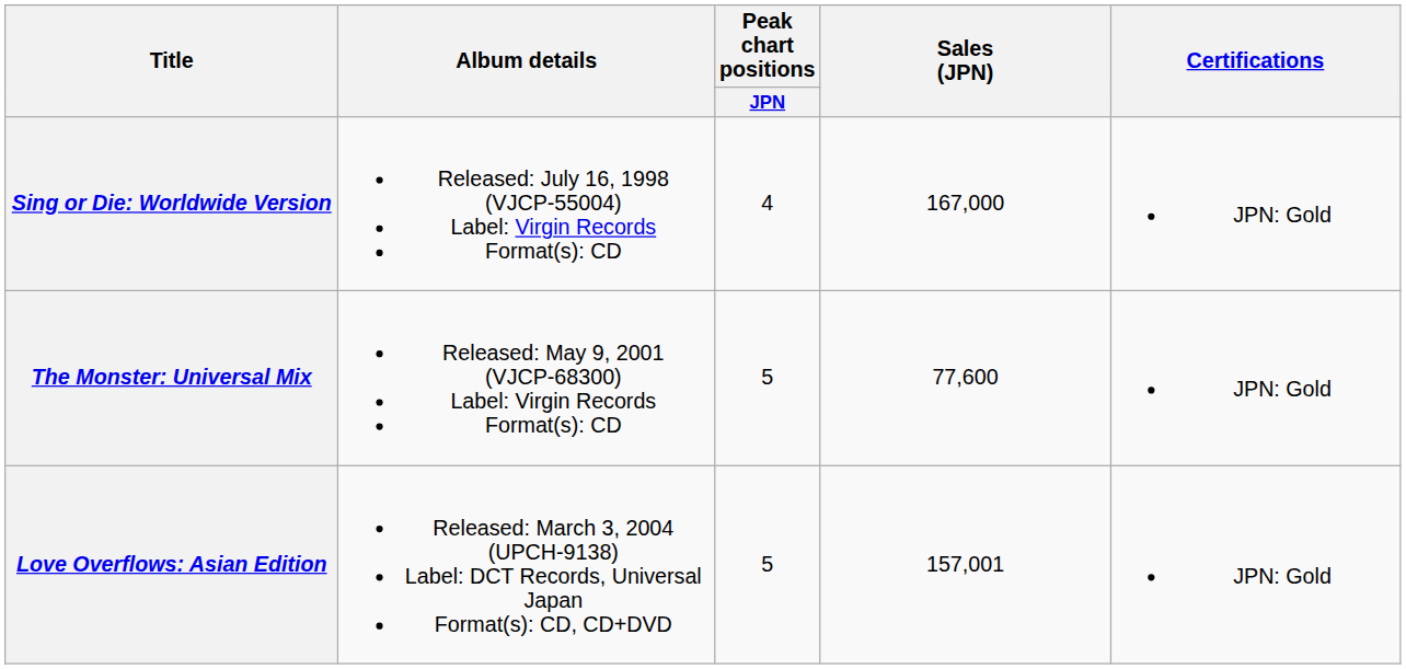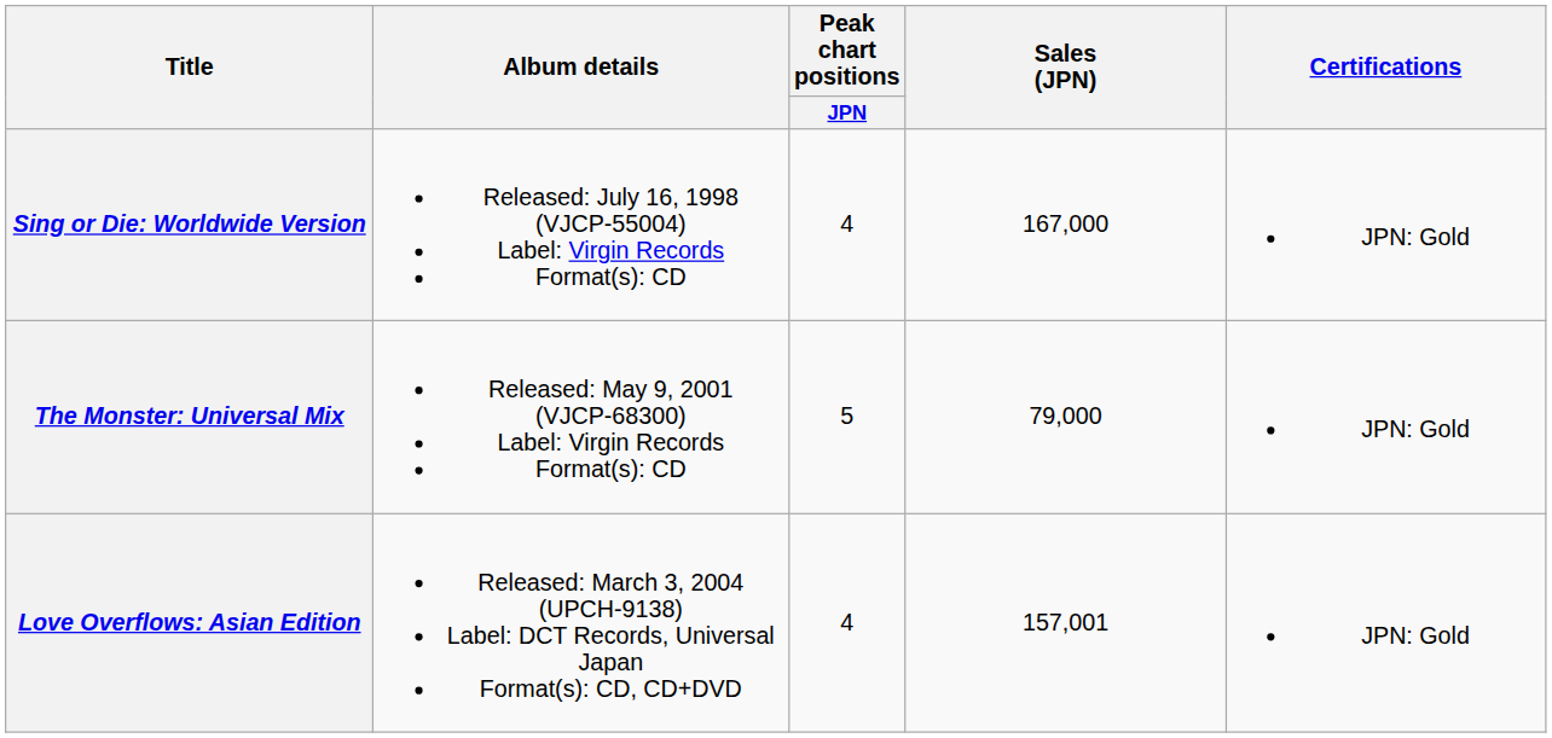 <table class="wikitable plainrowheaders" style="text-align:center;" border="1">
 <tr>
 <th scope="col" rowspan="2" style="width:15em;">Title</th>
 <th scope="col" rowspan="2" style="width:17em;">Album details</th>
 <th colspan="1">Peak chart positions</th>
 <th scope="col" rowspan="2" style="width:13em;">Sales<br>(JPN)<br></th>
 <th scope="col" rowspan="2" style="width:13em;"><a href='#'>Certifications</a></th>
 </tr>
 <tr>
 <th style="width:3em;font-size:85%"><a href='#'>JPN</a><br></th>
 </tr>
 <tr>
 <th scope="row"><em><a href='#'>Sing or Die: Worldwide Version</a></em></th>
 <td><br><ul><li>Released: July 16, 1998<br><span>(VJCP-55004)</span></li><li>Label: <a href='#'>Virgin Records</a></li><li>Format(s): CD</li></ul></td>
 <td>4</td>
 <td>167,000</td>
 <td><br><ul><li>JPN: Gold</li></ul></td>
 </tr>
 <tr>
 <th scope="row"><em><a href='#'>The Monster: Universal Mix</a></em></th>
 <td><br><ul><li>Released: May 9, 2001<br><span>(VJCP-68300)</span></li><li>Label: Virgin Records</li><li>Format(s): CD</li></ul></td>
 <td>5</td>
-<td>77,600</td>
+<td>79,000</td>
 <td><br><ul><li>JPN: Gold</li></ul></td>
 </tr>
 <tr>
 <th scope="row"><em><a href='#'>Love Overflows: Asian Edition</a></em></th>
 <td><br><ul><li>Released: March 3, 2004<br><span>(UPCH-9138)</span></li><li>Label: DCT Records, Universal Japan</li><li>Format(s): CD, CD+DVD</li></ul></td>
-<td>5</td>
+<td>4</td>
 <td>157,001</td>
 <td><br><ul><li>JPN: Gold</li></ul></td>
 </tr>
 </table>
